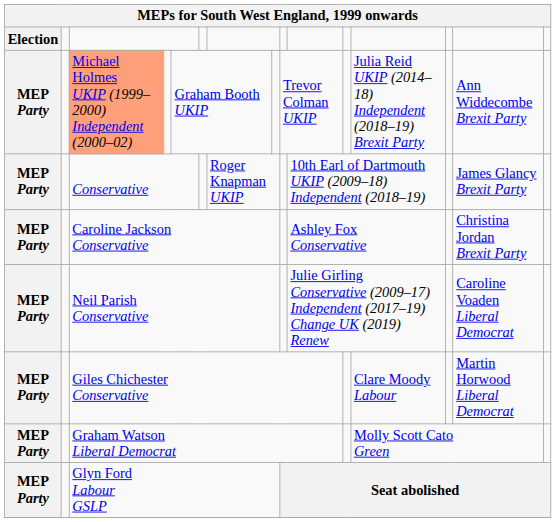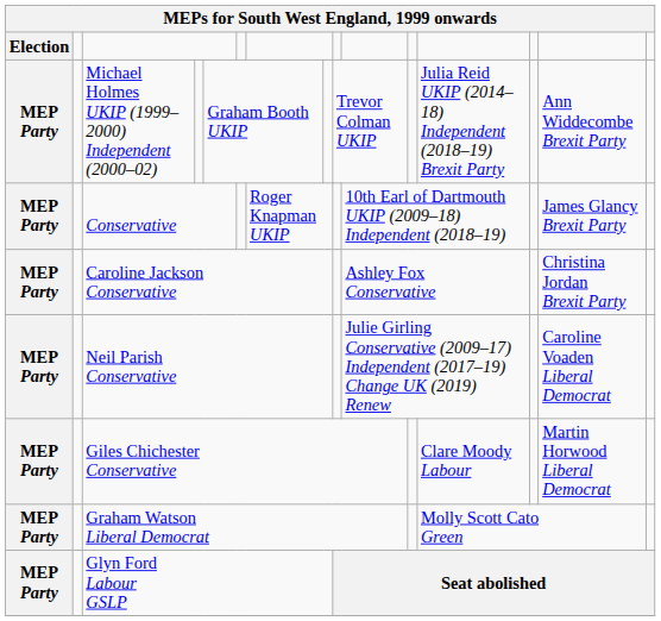 <table class="wikitable">
 <tr>
 <th colspan = 16>MEPs for South West England, 1999 onwards</th>
 </tr>
 <tr>
 <th>Election</th>
 <td width="1px"></td>
 <td colspan="3"></td>
 <td width="1px"></td>
 <td colspan="3"></td>
 <td width="1px"></td>
 <td></td>
 <td width="1px"></td>
 <td></td>
 <td width="1px"></td>
 <td></td>
 <td width="1px"></td>
 </tr>
 <tr>
 <th>MEP<br><em>Party</em></th>
 <td width=1px style="background-color: "></td>
-<td style="background: lightsalmon;"><a href='#'>Michael Holmes</a><br><em><a href='#'>UKIP</a> (1999–2000)</em><br><em><a href='#'>Independent</a> (2000–02)</em></td>
+<td><a href='#'>Michael Holmes</a><br><em><a href='#'>UKIP</a> (1999–2000)</em><br><em><a href='#'>Independent</a> (2000–02)</em></td>
 <td width=1px style="background-color: "></td>
 <td colspan="3"><a href='#'>Graham Booth</a><br><em><a href='#'>UKIP</a></em></td>
 <td width=1px style="background-color: "></td>
 <td colspan="3"><a href='#'>Trevor Colman</a><br><em><a href='#'>UKIP</a></em></td>
 <td width=1px style="background-color: "></td>
 <td colspan = 1><a href='#'>Julia Reid</a><br><em><a href='#'>UKIP</a> (2014–18)</em> <br> <em><a href='#'>Independent</a> (2018–19)</em><br> <em><a href='#'>Brexit Party</a></em></td>
 <td width=1px style="background-color: "></td>
 <td><a href='#'>Ann Widdecombe</a><br> <em><a href='#'>Brexit Party</a></em></td>
 <td width=1px style="background-color: "></td>
 </tr>
 <tr>
 <th>MEP<br><em>Party</em></th>
 <td width=1px style="background-color: "></td>
 <td colspan="3"><br><em><a href='#'>Conservative</a></em></td>
 <td width=1px style="background-color: "></td>
 <td colspan = 3><a href='#'>Roger Knapman</a><br><em><a href='#'>UKIP</a></em></td>
 <td width=1px style="background-color: "></td>
 <td colspan = 3><a href='#'>10th Earl of Dartmouth</a><br><em><a href='#'>UKIP</a> (2009–18)</em> <br> <em><a href='#'>Independent</a> (2018–19)</em></td>
 <td width=1px style="background-color: "></td>
 <td><a href='#'>James Glancy</a><br> <em><a href='#'>Brexit Party</a></em></td>
 <td width=1px style="background-color: "></td>
 </tr>
 <tr>
 <th>MEP<br><em>Party</em></th>
 <td width=1px style="background-color: "></td>
 <td colspan = 7><a href='#'>Caroline Jackson</a><br><em><a href='#'>Conservative</a></em></td>
 <td width=1px style="background-color: "></td>
 <td colspan = 3><a href='#'>Ashley Fox</a><br><em><a href='#'>Conservative</a></em></td>
 <td width=1px style="background-color: "></td>
 <td><a href='#'>Christina Jordan</a><br> <em><a href='#'>Brexit Party</a></em></td>
 <td width=1px style="background-color: "></td>
 </tr>
 <tr>
 <th>MEP<br><em>Party</em></th>
 <td width=1px style="background-color: "></td>
 <td colspan = 7><a href='#'>Neil Parish</a><br><em><a href='#'>Conservative</a></em></td>
 <td width=1px style="background-color: "></td>
 <td colspan = 3><a href='#'>Julie Girling</a><br><em><a href='#'>Conservative</a> (2009–17)</em> <br> <em><a href='#'>Independent</a> (2017–19)</em><br> <em><a href='#'>Change UK</a> (2019)</em> <br> <em><a href='#'>Renew</a></em></td>
 <td width=1px style="background-color: "></td>
 <td><a href='#'>Caroline Voaden</a><br><em><a href='#'>Liberal Democrat</a></em></td>
 <td width=1px style="background-color: "></td>
 </tr>
 <tr>
 <th>MEP<br><em>Party</em></th>
 <td width=1px style="background-color: "></td>
 <td colspan = 9><a href='#'>Giles Chichester</a><br><em><a href='#'>Conservative</a></em></td>
 <td width=1px style="background-color: "></td>
 <td colspan = 1><a href='#'>Clare Moody</a><br><em><a href='#'>Labour</a></em></td>
 <td width=1px style="background-color: "></td>
 <td><a href='#'>Martin Horwood</a><br><em><a href='#'>Liberal Democrat</a></em></td>
 <td width=1px style="background-color: "></td>
 </tr>
 <tr>
 <th>MEP<br><em>Party</em></th>
 <td width=1px style="background-color: "></td>
 <td colspan = 9><a href='#'>Graham Watson</a><br><em><a href='#'>Liberal Democrat</a></em></td>
 <td width=1px style="background-color: "></td>
 <td colspan = 3><a href='#'>Molly Scott Cato</a><br><em><a href='#'>Green</a></em></td>
 <td width=1px style="background-color: "></td>
 </tr>
 <tr>
 <th>MEP<br><em>Party</em></th>
 <td width=1px style="background-color: "></td>
 <td colspan = 7><a href='#'>Glyn Ford</a><br><em><a href='#'>Labour</a></em><br><em><a href='#'>GSLP</a></em></td>
 <th colspan = 7>Seat abolished</th>
 </tr>
 <tr>
 </tr>
 </table>
